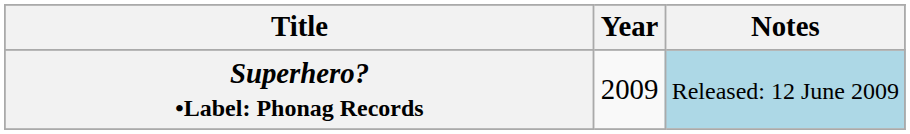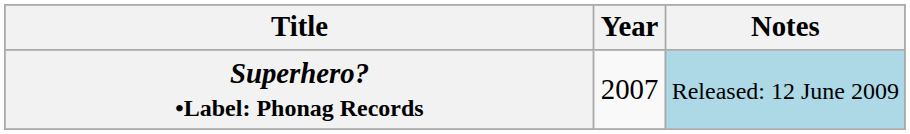 <table class="wikitable plainrowheaders" style="text-align:center;">
 <tr>
 <th scope="col" style="width:20em;">Title</th>
 <th scope="col">Year</th>
 <th scope="col″">Notes</th>
 </tr>
 <tr>
 <th scope="row"><em>Superhero?</em><br><small>•Label: Phonag Records</small></th>
-<td>2009</td>
+<td>2007</td>
 <td style="background: lightblue;"><small>Released: 12 June 2009</small></td>
 </tr>
 </table>
